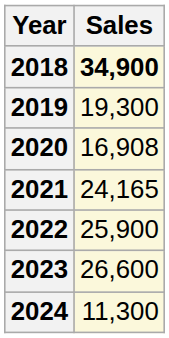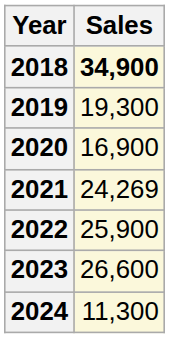 <table class="wikitable" style="text-align: right; display:inline-table">
 <tr>
 <th>Year</th>
 <th>Sales</th>
 </tr>
 <tr>
 <th>2018</th>
 <td style="background:#fbf8db; align:right;"><strong>34,900</strong></td>
 </tr>
 <tr>
 <th>2019</th>
 <td style="background:#fbf8db; align:right;">19,300</td>
 </tr>
 <tr>
 <th>2020</th>
-<td style="background:#fbf8db; align:right;">16,908</td>
+<td style="background:#fbf8db; align:right;">16,900</td>
 </tr>
 <tr>
 <th>2021</th>
-<td style="background:#fbf8db; align:right;">24,165</td>
+<td style="background:#fbf8db; align:right;">24,269</td>
 </tr>
 <tr>
 <th>2022</th>
 <td style="background:#fbf8db; align:right;">25,900</td>
 </tr>
 <tr>
 <th>2023</th>
 <td style="background:#fbf8db; align:right;">26,600</td>
 </tr>
 <tr>
 <th>2024</th>
 <td style="background:#fbf8db; align:right;">11,300</td>
 </tr>
 </table>
